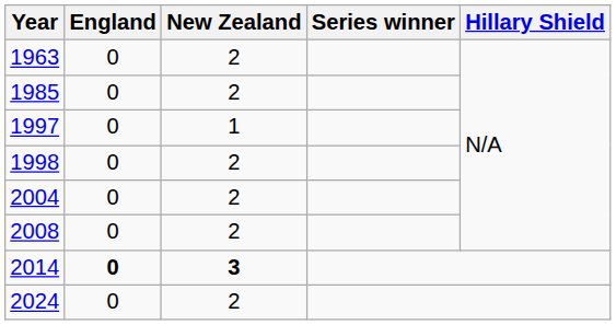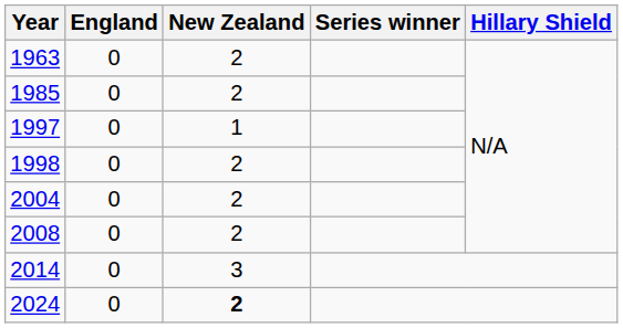 <table class="wikitable">
 <tr>
 <th>Year</th>
 <th>England</th>
 <th>New Zealand</th>
 <th>Series winner</th>
 <th><a href='#'>Hillary Shield</a></th>
 </tr>
 <tr>
 <td> <a href='#'>1963</a></td>
 <td align=center>0</td>
 <td align=center>2</td>
 <td></td>
 <td rowspan=6>N/A</td>
 </tr>
 <tr>
 <td> <a href='#'>1985</a></td>
 <td align=center>0</td>
 <td align=center>2</td>
 <td></td>
 </tr>
 <tr>
 <td> <a href='#'>1997</a></td>
 <td align=center>0</td>
 <td align=center>1</td>
 <td></td>
 </tr>
 <tr>
 <td> <a href='#'>1998</a></td>
 <td align=center>0</td>
 <td align=center>2</td>
 <td></td>
 </tr>
 <tr>
 <td> <a href='#'>2004</a></td>
 <td align=center>0</td>
 <td align=center>2</td>
 <td></td>
 </tr>
 <tr>
 <td> <a href='#'>2008</a></td>
 <td align=center>0</td>
 <td align=center>2</td>
 <td></td>
 </tr>
 <tr>
 <td> <a href='#'>2014</a></td>
-<td align=center><strong>0</strong></td>
-<td align=center><strong>3</strong></td>
+<td align=center>0</td>
+<td align=center>3</td>
 <td colspan=2></td>
 </tr>
 <tr>
 <td> <a href='#'>2024</a></td>
 <td align=center>0</td>
-<td align=center>2</td>
+<td align=center><strong>2</strong></td>
 <td colspan=2></td>
 </tr>
 </table>
